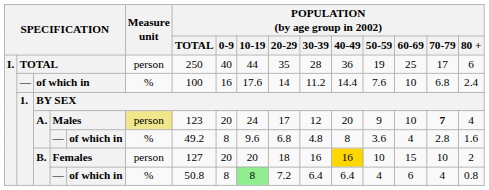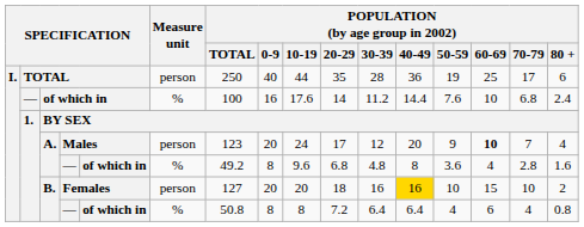 <table class="wikitable" style="font-size:85%; text-align:center">
 <tr>
 <th rowspan="2" colspan="5">SPECIFICATION</th>
 <th rowspan="2">Measure<br> unit</th>
 <th colspan="10" rowspan="1">POPULATION<br> (by age group in 2002)</th>
 </tr>
 <tr>
 <th>TOTAL</th>
 <th>0-9</th>
 <th>10-19</th>
 <th>20-29</th>
 <th>30-39</th>
 <th>40-49</th>
 <th>50-59</th>
 <th>60-69</th>
 <th>70-79</th>
 <th>80 +</th>
 </tr>
 <tr>
 <th style="text-align:left" valign="top" rowspan="7">I.</th>
 <th style="text-align:left" colspan="4">TOTAL</th>
 <td>person</td>
 <td>250</td>
 <td>40</td>
 <td>44</td>
 <td>35</td>
 <td>28</td>
 <td>36</td>
 <td>19</td>
 <td>25</td>
 <td>17</td>
 <td>6</td>
 </tr>
 <tr>
 <th style="text-align:left" valign="top">—</th>
 <th style="text-align:left" colspan="3">of which in</th>
 <td>%</td>
 <td>100</td>
 <td>16</td>
 <td>17.6</td>
 <td>14</td>
 <td>11.2</td>
 <td>14.4</td>
 <td>7.6</td>
 <td>10</td>
 <td>6.8</td>
 <td>2.4</td>
 </tr>
 <tr>
 <th style="text-align:left" valign="top" rowspan="5">1.</th>
 <th style="text-align:left" colspan="14">BY SEX</th>
 </tr>
 <tr>
 <th style="text-align:left" valign="top" rowspan="2">A.</th>
 <th style="text-align:left" colspan="2">Males</th>
-<td style="background: khaki;">person</td>
+<td>person</td>
 <td>123</td>
 <td>20</td>
 <td>24</td>
 <td>17</td>
 <td>12</td>
 <td>20</td>
 <td>9</td>
-<td>10</td>
-<td><strong>7</strong></td>
+<td><strong>10</strong></td>
+<td>7</td>
 <td>4</td>
 </tr>
 <tr>
 <th style="text-align:left" valign="top">—</th>
 <th style="text-align:left" colspan="1">of which in</th>
 <td>%</td>
 <td>49.2</td>
 <td>8</td>
 <td>9.6</td>
 <td>6.8</td>
 <td>4.8</td>
 <td>8</td>
 <td>3.6</td>
 <td>4</td>
 <td>2.8</td>
 <td>1.6</td>
 </tr>
 <tr>
 <th style="text-align:left" valign="top" rowspan="2">B.</th>
 <th style="text-align:left" colspan="2">Females</th>
 <td>person</td>
 <td>127</td>
 <td>20</td>
 <td>20</td>
 <td>18</td>
 <td>16</td>
 <td style="background: gold;">16</td>
 <td>10</td>
 <td>15</td>
 <td>10</td>
 <td>2</td>
 </tr>
 <tr>
 <th style="text-align:left" valign="top">—</th>
 <th style="text-align:left" colspan="1">of which in</th>
 <td>%</td>
 <td>50.8</td>
 <td>8</td>
-<td style="background: lightgreen;">8</td>
+<td>8</td>
 <td>7.2</td>
 <td>6.4</td>
 <td>6.4</td>
 <td>4</td>
 <td>6</td>
 <td>4</td>
 <td>0.8</td>
 </tr>
 </table>
